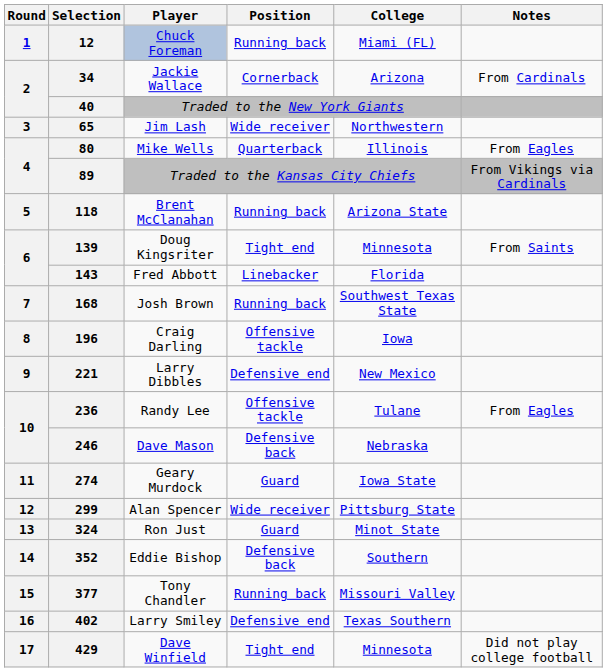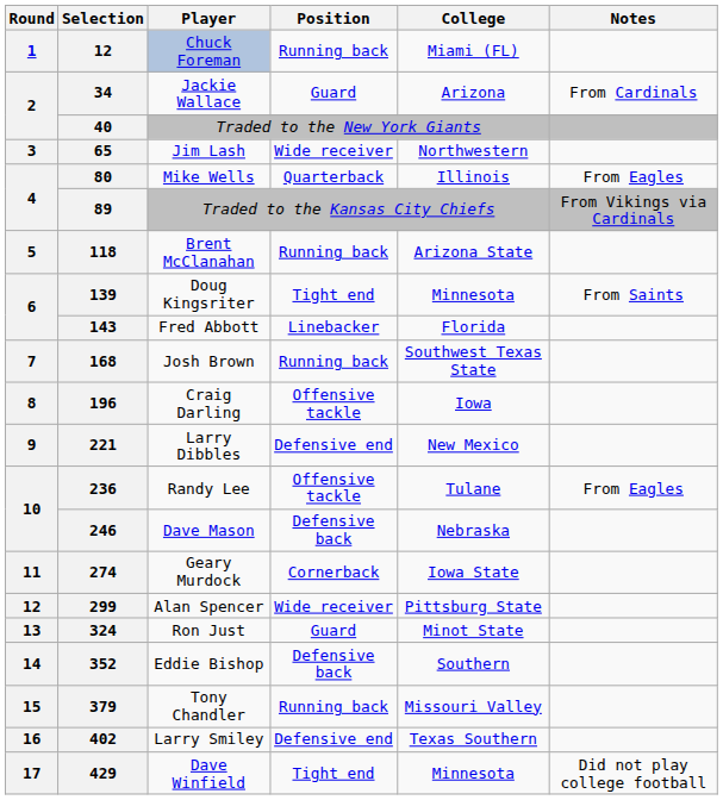 <table class="wikitable" style="text-align:center">
 <tr>
 <th>Round</th>
 <th>Selection</th>
 <th>Player</th>
 <th>Position</th>
 <th>College</th>
 <th>Notes</th>
 </tr>
 <tr>
 <th><a href='#'>1</a></th>
 <th>12</th>
 <td bgcolor=lightsteelblue><a href='#'>Chuck Foreman</a></td>
 <td><a href='#'>Running back</a></td>
 <td><a href='#'>Miami (FL)</a></td>
 <td></td>
 </tr>
 <tr>
 <th rowspan="2">2</th>
 <th>34</th>
 <td><a href='#'>Jackie Wallace</a></td>
-<td><a href='#'>Cornerback</a></td>
+<td><a href='#'>Guard</a></td>
 <td><a href='#'>Arizona</a></td>
 <td>From <a href='#'>Cardinals</a></td>
 </tr>
 <tr>
 <th>40</th>
 <td colspan="3" style="background:#BFBFBF"><em>Traded to the <a href='#'>New York Giants</a></em></td>
 <td style="background:#BFBFBF"></td>
 </tr>
 <tr>
 <th>3</th>
 <th>65</th>
 <td><a href='#'>Jim Lash</a></td>
 <td><a href='#'>Wide receiver</a></td>
 <td><a href='#'>Northwestern</a></td>
 <td></td>
 </tr>
 <tr>
 <th rowspan="2">4</th>
 <th>80</th>
 <td><a href='#'>Mike Wells</a></td>
 <td><a href='#'>Quarterback</a></td>
 <td><a href='#'>Illinois</a></td>
 <td>From <a href='#'>Eagles</a></td>
 </tr>
 <tr>
 <th>89</th>
 <td colspan="3" style="background:#BFBFBF"><em>Traded to the <a href='#'>Kansas City Chiefs</a></em></td>
 <td style="background:#BFBFBF">From Vikings via <a href='#'>Cardinals</a></td>
 </tr>
 <tr>
 <th>5</th>
 <th>118</th>
 <td><a href='#'>Brent McClanahan</a></td>
 <td><a href='#'>Running back</a></td>
 <td><a href='#'>Arizona State</a></td>
 <td></td>
 </tr>
 <tr>
 <th rowspan="2">6</th>
 <th>139</th>
 <td>Doug Kingsriter</td>
 <td><a href='#'>Tight end</a></td>
 <td><a href='#'>Minnesota</a></td>
 <td>From <a href='#'>Saints</a></td>
 </tr>
 <tr>
 <th>143</th>
 <td>Fred Abbott</td>
 <td><a href='#'>Linebacker</a></td>
 <td><a href='#'>Florida</a></td>
 <td></td>
 </tr>
 <tr>
 <th>7</th>
 <th>168</th>
 <td>Josh Brown</td>
 <td><a href='#'>Running back</a></td>
 <td><a href='#'>Southwest Texas State</a></td>
 <td></td>
 </tr>
 <tr>
 <th>8</th>
 <th>196</th>
 <td>Craig Darling</td>
 <td><a href='#'>Offensive tackle</a></td>
 <td><a href='#'>Iowa</a></td>
 <td></td>
 </tr>
 <tr>
 <th>9</th>
 <th>221</th>
 <td>Larry Dibbles</td>
 <td><a href='#'>Defensive end</a></td>
 <td><a href='#'>New Mexico</a></td>
 <td></td>
 </tr>
 <tr>
 <th rowspan="2">10</th>
 <th>236</th>
 <td>Randy Lee</td>
 <td><a href='#'>Offensive tackle</a></td>
 <td><a href='#'>Tulane</a></td>
 <td>From <a href='#'>Eagles</a></td>
 </tr>
 <tr>
 <th>246</th>
 <td><a href='#'>Dave Mason</a></td>
 <td><a href='#'>Defensive back</a></td>
 <td><a href='#'>Nebraska</a></td>
 <td></td>
 </tr>
 <tr>
 <th>11</th>
 <th>274</th>
 <td>Geary Murdock</td>
-<td><a href='#'>Guard</a></td>
+<td><a href='#'>Cornerback</a></td>
 <td><a href='#'>Iowa State</a></td>
 <td></td>
 </tr>
 <tr>
 <th>12</th>
 <th>299</th>
 <td>Alan Spencer</td>
 <td><a href='#'>Wide receiver</a></td>
 <td><a href='#'>Pittsburg State</a></td>
 <td></td>
 </tr>
 <tr>
 <th>13</th>
 <th>324</th>
 <td>Ron Just</td>
 <td><a href='#'>Guard</a></td>
 <td><a href='#'>Minot State</a></td>
 <td></td>
 </tr>
 <tr>
 <th>14</th>
 <th>352</th>
 <td>Eddie Bishop</td>
 <td><a href='#'>Defensive back</a></td>
 <td><a href='#'>Southern</a></td>
 <td></td>
 </tr>
 <tr>
 <th>15</th>
-<th>377</th>
+<th>379</th>
 <td>Tony Chandler</td>
 <td><a href='#'>Running back</a></td>
 <td><a href='#'>Missouri Valley</a></td>
 <td></td>
 </tr>
 <tr>
 <th>16</th>
 <th>402</th>
 <td>Larry Smiley</td>
 <td><a href='#'>Defensive end</a></td>
 <td><a href='#'>Texas Southern</a></td>
 <td></td>
 </tr>
 <tr>
 <th>17</th>
 <th>429</th>
 <td><a href='#'>Dave Winfield</a></td>
 <td><a href='#'>Tight end</a></td>
 <td><a href='#'>Minnesota</a></td>
 <td>Did not play college football</td>
 </tr>
 </table>
